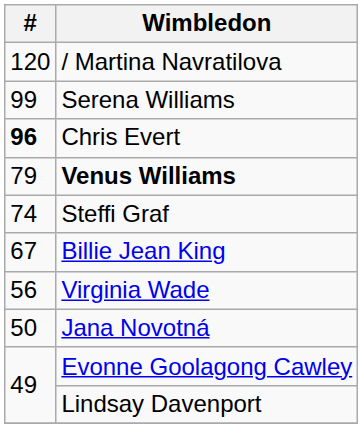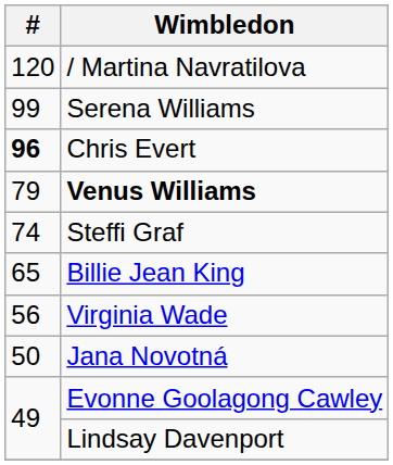 <table class="wikitable" style="display:inline-table;">
 <tr>
 <th>#</th>
 <th>Wimbledon</th>
 </tr>
 <tr>
 <td>120</td>
 <td>/ Martina Navratilova</td>
 </tr>
 <tr>
 <td>99</td>
 <td> Serena Williams</td>
 </tr>
 <tr>
 <td><strong>96</strong></td>
 <td> Chris Evert</td>
 </tr>
 <tr>
 <td>79</td>
 <td> <strong>Venus Williams</strong></td>
 </tr>
 <tr>
 <td>74</td>
 <td> Steffi Graf</td>
 </tr>
 <tr>
-<td>67</td>
+<td>65</td>
 <td> <a href='#'>Billie Jean King</a></td>
 </tr>
 <tr>
 <td>56</td>
 <td> <a href='#'>Virginia Wade</a></td>
 </tr>
 <tr>
 <td>50</td>
 <td> <a href='#'>Jana Novotná</a></td>
 </tr>
 <tr>
 <td rowspan=2>49</td>
 <td> <a href='#'>Evonne Goolagong Cawley</a></td>
 </tr>
 <tr>
 <td> Lindsay Davenport</td>
 </tr>
 <tr>
 </tr>
 </table>
